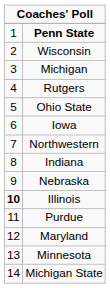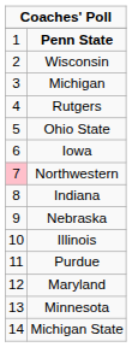 <table class="wikitable" style="display: inline-table;">
 <tr>
 <td colspan="3" align="center"><strong>Coaches' Poll</strong></td>
 </tr>
 <tr align="center">
 </tr>
 <tr align="center">
 <td>1</td>
 <td><strong>Penn State</strong></td>
 </tr>
 <tr align="center">
 <td>2</td>
 <td>Wisconsin</td>
 </tr>
 <tr align="center">
 <td>3</td>
 <td>Michigan</td>
 </tr>
 <tr align="center">
 <td>4</td>
 <td>Rutgers</td>
 </tr>
 <tr align="center">
 <td>5</td>
 <td>Ohio State</td>
 </tr>
 <tr align="center">
 <td>6</td>
 <td>Iowa</td>
 </tr>
 <tr align="center">
-<td>7</td>
+<td style="background: pink;">7</td>
 <td>Northwestern</td>
 </tr>
 <tr align="center">
 <td>8</td>
 <td>Indiana</td>
 </tr>
 <tr align="center">
 <td>9</td>
 <td>Nebraska</td>
 </tr>
 <tr align="center">
-<td><strong>10</strong></td>
+<td>10</td>
 <td>Illinois</td>
 </tr>
 <tr align="center">
 <td>11</td>
 <td>Purdue</td>
 </tr>
 <tr align="center">
 <td>12</td>
 <td>Maryland</td>
 </tr>
 <tr align="center">
 <td>13</td>
 <td>Minnesota</td>
 </tr>
 <tr align="center">
 <td>14</td>
 <td>Michigan State</td>
 </tr>
 </table>
